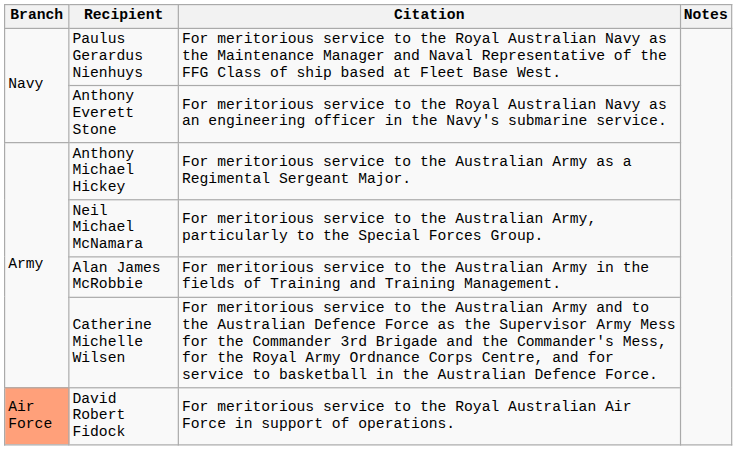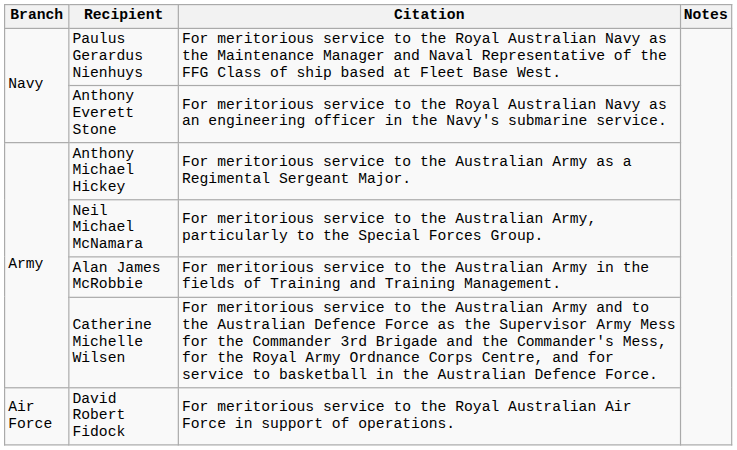 <table class="wikitable" style="font-size:95%;">
 <tr>
 <th>Branch</th>
 <th>Recipient</th>
 <th>Citation</th>
 <th>Notes</th>
 </tr>
 <tr>
 <td rowspan=2>Navy</td>
 <td> Paulus Gerardus Nienhuys</td>
 <td>For meritorious service to the Royal Australian Navy as the Maintenance Manager and Naval Representative of the FFG Class of ship based at Fleet Base West.</td>
 <td rowspan=7></td>
 </tr>
 <tr>
 <td> Anthony Everett Stone</td>
 <td>For meritorious service to the Royal Australian Navy as an engineering officer in the Navy's submarine service.</td>
 </tr>
 <tr>
 <td rowspan=4>Army</td>
 <td> Anthony Michael Hickey</td>
 <td>For meritorious service to the Australian Army as a Regimental Sergeant Major.</td>
 </tr>
 <tr>
 <td> Neil Michael McNamara</td>
 <td>For meritorious service to the Australian Army, particularly to the Special Forces Group.</td>
 </tr>
 <tr>
 <td> Alan James McRobbie</td>
 <td>For meritorious service to the Australian Army in the fields of Training and Training Management.</td>
 </tr>
 <tr>
 <td> Catherine Michelle Wilsen</td>
 <td>For meritorious service to the Australian Army and to the Australian Defence Force as the Supervisor Army Mess for the Commander 3rd Brigade and the Commander's Mess, for the Royal Army Ordnance Corps Centre, and for service to basketball in the Australian Defence Force.</td>
 </tr>
 <tr>
-<td style="background: lightsalmon;">Air Force</td>
+<td>Air Force</td>
 <td> David Robert Fidock</td>
 <td>For meritorious service to the Royal Australian Air Force in support of operations.</td>
 </tr>
 </table>
